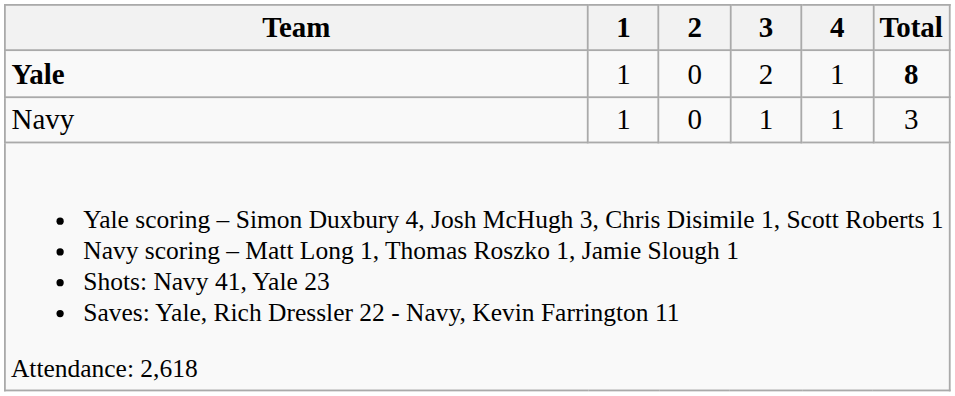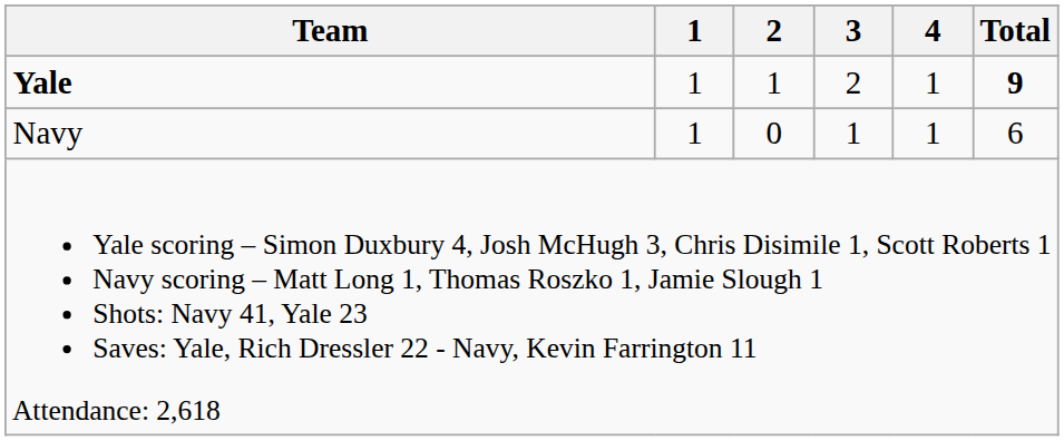 <table class="wikitable" style="text-align:center; max-width:45em">
 <tr>
 <th>Team</th>
 <th style="width:2em">1</th>
 <th style="width:2em">2</th>
 <th style="width:2em">3</th>
 <th style="width:2em">4</th>
 <th style="width:2em">Total</th>
 </tr>
 <tr>
 <td style="text-align:left"><strong>Yale</strong></td>
 <td>1</td>
-<td>0</td>
+<td>1</td>
 <td>2</td>
 <td>1</td>
-<td><strong>8</strong></td>
+<td><strong>9</strong></td>
 </tr>
 <tr>
 <td style="text-align:left">Navy</td>
 <td>1</td>
 <td>0</td>
 <td>1</td>
 <td>1</td>
-<td>3</td>
+<td>6</td>
 </tr>
 <tr>
 <td colspan=6 style="text-align:left; font-size:88%;"><br><ul><li>Yale scoring – Simon Duxbury 4, Josh McHugh 3, Chris Disimile 1, Scott Roberts 1</li><li>Navy scoring – Matt Long 1, Thomas Roszko 1, Jamie Slough 1</li><li>Shots: Navy 41, Yale 23</li><li>Saves: Yale, Rich Dressler 22 - Navy, Kevin Farrington 11</li></ul>Attendance: 2,618 </td>
 </tr>
 </table>
